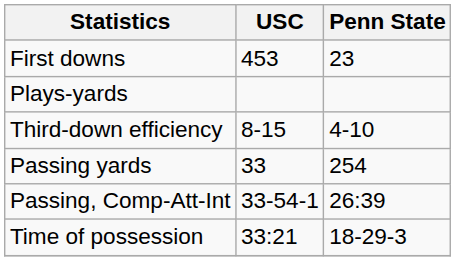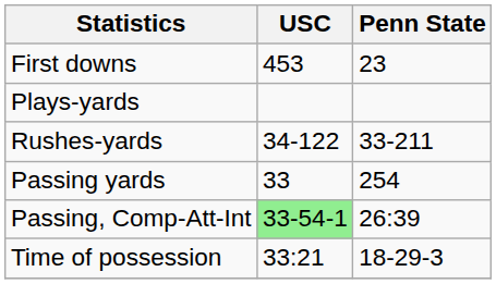 <table class="wikitable">
 <tr>
 <th>Statistics</th>
 <th>USC</th>
 <th>Penn State</th>
 </tr>
 <tr>
 <td>First downs</td>
 <td>453</td>
 <td>23</td>
 </tr>
 <tr>
 <td>Plays-yards</td>
 <td></td>
 <td></td>
 </tr>
 <tr>
-<td>Third-down efficiency</td>
-<td>8-15</td>
-<td>4-10</td>
+<td>Rushes-yards</td>
+<td>34-122</td>
+<td>33-211</td>
 </tr>
 <tr>
 <td>Passing yards</td>
 <td>33</td>
 <td>254</td>
 </tr>
 <tr>
 <td>Passing, Comp-Att-Int</td>
-<td>33-54-1</td>
+<td style="background: lightgreen;">33-54-1</td>
 <td>26:39</td>
 </tr>
 <tr>
 <td>Time of possession</td>
 <td>33:21</td>
 <td>18-29-3</td>
 </tr>
 <tr>
 </tr>
 </table>
